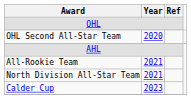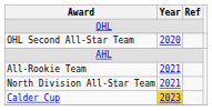 <table class="wikitable">
 <tr>
 <th>Award</th>
 <th>Year</th>
 <th>Ref</th>
 </tr>
 <tr ALIGN="center" bgcolor="#e0e0e0">
 <td colspan="3"><a href='#'>OHL</a></td>
 </tr>
 <tr>
 <td>OHL Second All-Star Team</td>
 <td><a href='#'>2020</a></td>
 <td></td>
 <td></td>
 </tr>
 <tr ALIGN="center" bgcolor="#e0e0e0">
 <td colspan="3"><a href='#'>AHL</a></td>
 </tr>
 <tr>
 <td>All-Rookie Team</td>
 <td><a href='#'>2021</a></td>
 <td></td>
 </tr>
 <tr>
 <td>North Division All-Star Team</td>
 <td><a href='#'>2021</a></td>
 <td></td>
 </tr>
 <tr>
 <td><a href='#'>Calder Cup</a></td>
-<td><a href='#'>2023</a></td>
+<td style="background: gold;"><a href='#'>2023</a></td>
 <td></td>
 </tr>
 <tr>
 </tr>
 </table>
